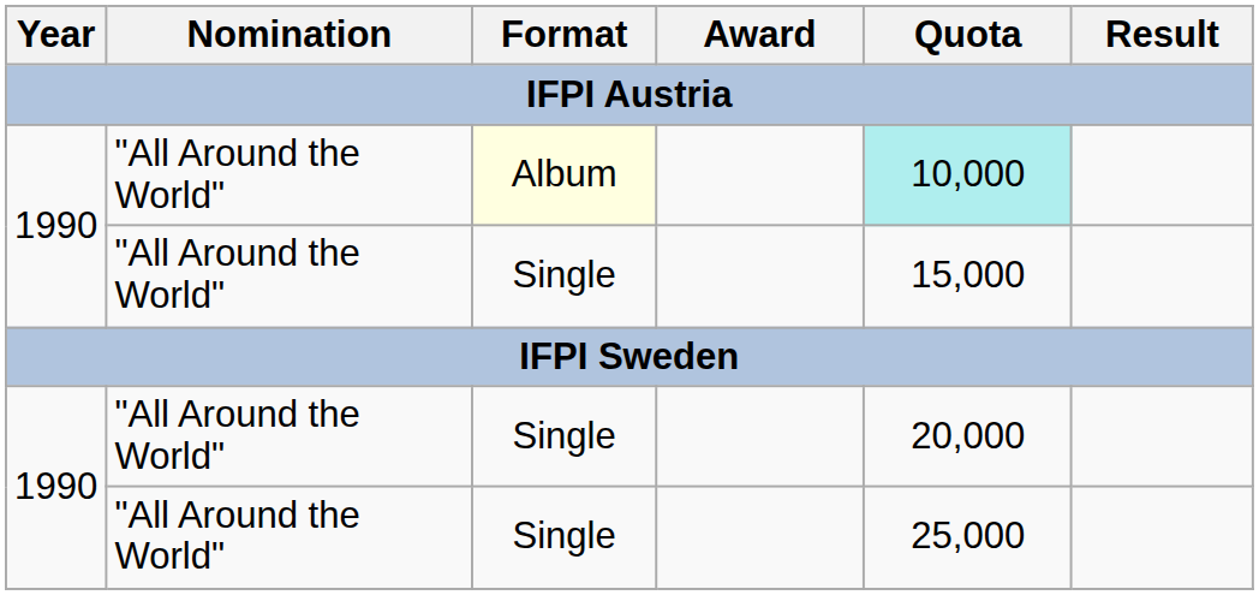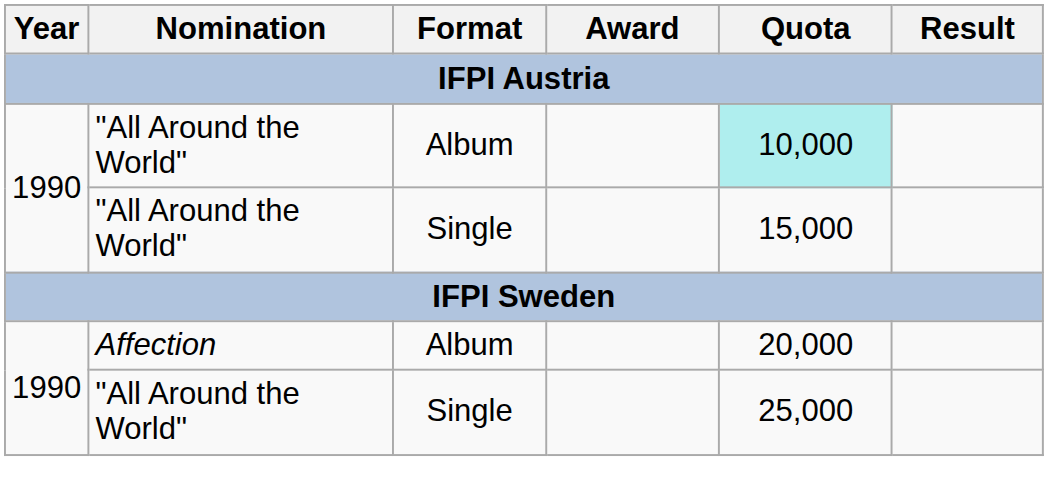 <table class="wikitable" style="text-align:center;">
 <tr>
 <th width="30">Year</th>
 <th width="150">Nomination</th>
 <th width="71">Format</th>
 <th width="82">Award</th>
 <th width="82">Quota</th>
 <th width="70">Result</th>
 </tr>
 <tr>
 <th colspan=6 style="background:#B0C4DE;">IFPI Austria</th>
 </tr>
 <tr>
 <td rowspan="2">1990</td>
 <td align="left">"All Around the World"</td>
-<td style="background: lightyellow;">Album</td>
+<td>Album</td>
 <td></td>
 <td style="background: paleturquoise;">10,000</td>
 <td></td>
 </tr>
 <tr>
 <td align="left">"All Around the World"</td>
 <td>Single</td>
 <td></td>
 <td>15,000</td>
 <td></td>
 </tr>
 <tr>
 <th colspan=6 style="background:#B0C4DE;">IFPI Sweden</th>
 </tr>
 <tr>
 <td rowspan="2">1990</td>
-<td align="left">"All Around the World"</td>
-<td>Single</td>
+<td align="left"><em>Affection</em></td>
+<td>Album</td>
 <td></td>
 <td>20,000</td>
 <td></td>
 </tr>
 <tr>
 <td align="left">"All Around the World"</td>
 <td>Single</td>
 <td></td>
 <td>25,000</td>
 <td></td>
 </tr>
 </table>
